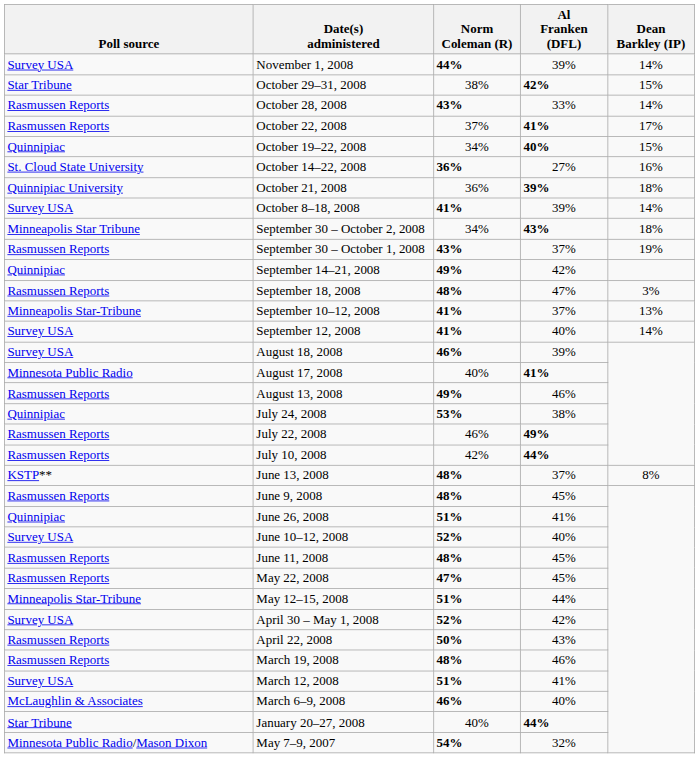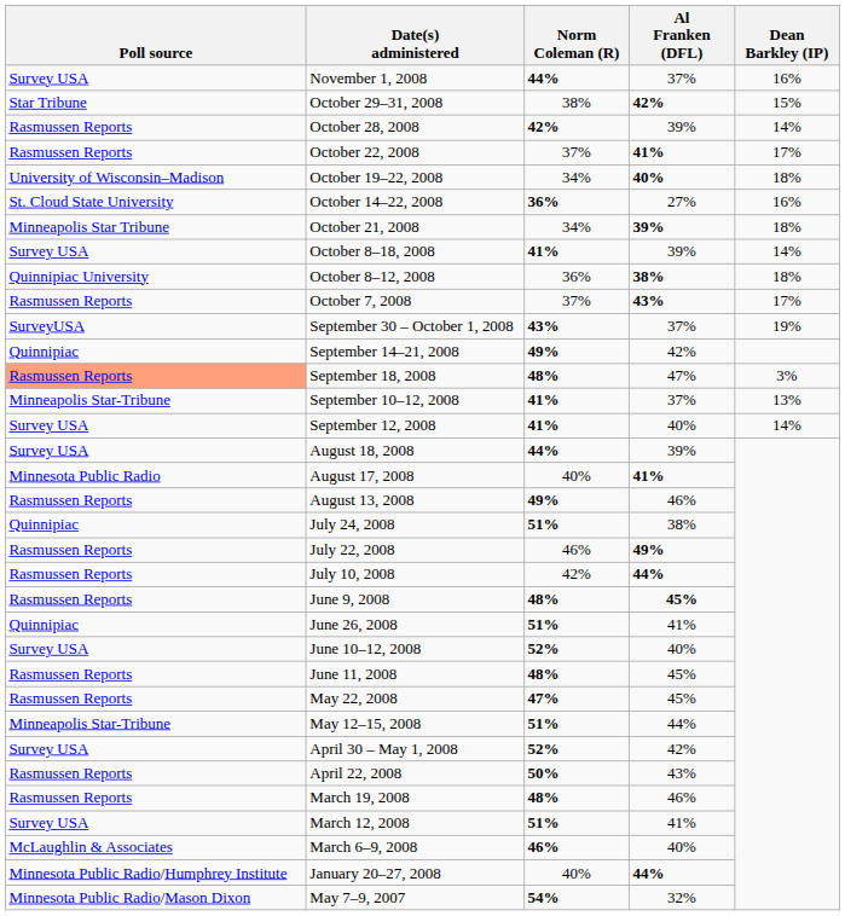 <table class="wikitable">
 <tr style="vertical-align:bottom; background:#e9e9e9;">
 <th style="width:300px;">Poll source</th>
 <th style="width:215px;">Date(s)<br>administered</th>
 <th style="width:100px;">Norm<br>Coleman (R)</th>
 <th style="width:100px;">Al<br>Franken (DFL)</th>
 <th style="width:100px;">Dean<br>Barkley (IP)</th>
 </tr>
 <tr>
 <td><a href='#'>Survey USA</a></td>
 <td>November 1, 2008</td>
 <td><strong>44%</strong></td>
-<td style="text-align:center;">39%</td>
-<td style="text-align:center;">14%</td>
+<td style="text-align:center;">37%</td>
+<td style="text-align:center;">16%</td>
 </tr>
 <tr>
 <td><a href='#'>Star Tribune</a></td>
 <td>October 29–31, 2008</td>
 <td style="text-align:center;">38%</td>
 <td><strong>42%</strong></td>
 <td style="text-align:center;">15%</td>
 </tr>
 <tr>
 <td><a href='#'>Rasmussen Reports</a></td>
 <td>October 28, 2008</td>
-<td><strong>43%</strong></td>
-<td style="text-align:center;">33%</td>
+<td><strong>42%</strong></td>
+<td style="text-align:center;">39%</td>
 <td style="text-align:center;">14%</td>
 </tr>
 <tr>
 <td><a href='#'>Rasmussen Reports</a></td>
 <td>October 22, 2008</td>
 <td style="text-align:center;">37%</td>
 <td><strong>41%</strong></td>
 <td style="text-align:center;">17%</td>
 </tr>
 <tr>
-<td><a href='#'>Quinnipiac</a></td>
+<td><a href='#'>University of Wisconsin–Madison</a></td>
 <td>October 19–22, 2008</td>
 <td style="text-align:center;">34%</td>
 <td><strong>40%</strong></td>
-<td style="text-align:center;">15%</td>
+<td style="text-align:center;">18%</td>
 </tr>
 <tr>
 <td><a href='#'>St. Cloud State University</a></td>
 <td>October 14–22, 2008</td>
 <td><strong>36%</strong></td>
 <td style="text-align:center;">27%</td>
 <td style="text-align:center;">16%</td>
 </tr>
 <tr>
-<td><a href='#'>Quinnipiac University</a></td>
+<td><a href='#'>Minneapolis Star Tribune</a></td>
 <td>October 21, 2008</td>
-<td style="text-align:center;">36%</td>
+<td style="text-align:center;">34%</td>
 <td><strong>39%</strong></td>
 <td style="text-align:center;">18%</td>
 </tr>
 <tr>
 <td><a href='#'>Survey USA</a></td>
 <td>October 8–18, 2008</td>
 <td><strong>41%</strong></td>
 <td style="text-align:center;">39%</td>
 <td style="text-align:center;">14%</td>
 </tr>
 <tr>
-<td><a href='#'>Minneapolis Star Tribune</a></td>
-<td>September 30 – October 2, 2008</td>
-<td style="text-align:center;">34%</td>
-<td><strong>43%</strong></td>
+<td><a href='#'>Quinnipiac University</a></td>
+<td>October 8–12, 2008</td>
+<td style="text-align:center;">36%</td>
+<td><strong>38%</strong></td>
 <td style="text-align:center;">18%</td>
 </tr>
 <tr>
 <td><a href='#'>Rasmussen Reports</a></td>
+<td>October 7, 2008</td>
+<td style="text-align:center;">37%</td>
+<td><strong>43%</strong></td>
+<td style="text-align:center;">17%</td>
+</tr>
+<tr>
+<td><a href='#'>SurveyUSA</a></td>
 <td>September 30 – October 1, 2008</td>
 <td><strong>43%</strong></td>
 <td style="text-align:center;">37%</td>
 <td style="text-align:center;">19%</td>
 </tr>
 <tr>
 <td><a href='#'>Quinnipiac</a></td>
 <td>September 14–21, 2008</td>
 <td><strong>49%</strong></td>
 <td style="text-align:center;">42%</td>
 </tr>
 <tr>
-<td><a href='#'>Rasmussen Reports</a></td>
+<td style="background: lightsalmon;"><a href='#'>Rasmussen Reports</a></td>
 <td>September 18, 2008</td>
 <td><strong>48%</strong></td>
 <td style="text-align:center;">47%</td>
 <td style="text-align:center;">3%</td>
 </tr>
 <tr>
 <td><a href='#'>Minneapolis Star-Tribune</a></td>
 <td>September 10–12, 2008</td>
 <td><strong>41%</strong></td>
 <td style="text-align:center;">37%</td>
 <td style="text-align:center;">13%</td>
 </tr>
 <tr>
 <td><a href='#'>Survey USA</a></td>
 <td>September 12, 2008</td>
 <td><strong>41%</strong></td>
 <td style="text-align:center;">40%</td>
 <td style="text-align:center;">14%</td>
 </tr>
 <tr>
 <td><a href='#'>Survey USA</a></td>
 <td>August 18, 2008</td>
-<td><strong>46%</strong></td>
+<td><strong>44%</strong></td>
 <td style="text-align:center;">39%</td>
 </tr>
 <tr>
 <td><a href='#'>Minnesota Public Radio</a></td>
 <td>August 17, 2008</td>
 <td style="text-align:center;">40%</td>
 <td><strong>41%</strong></td>
 </tr>
 <tr>
 <td><a href='#'>Rasmussen Reports</a></td>
 <td>August 13, 2008</td>
 <td><strong>49%</strong></td>
 <td style="text-align:center;">46%</td>
 </tr>
 <tr>
 <td><a href='#'>Quinnipiac</a></td>
 <td>July 24, 2008</td>
-<td><strong>53%</strong></td>
+<td><strong>51%</strong></td>
 <td style="text-align:center;">38%</td>
 </tr>
 <tr>
 <td><a href='#'>Rasmussen Reports</a></td>
 <td>July 22, 2008</td>
 <td style="text-align:center;">46%</td>
 <td><strong>49%</strong></td>
 </tr>
 <tr>
 <td><a href='#'>Rasmussen Reports</a></td>
 <td>July 10, 2008</td>
 <td style="text-align:center;">42%</td>
 <td><strong>44%</strong></td>
 </tr>
 <tr>
-<td><a href='#'>KSTP</a>**</td>
-<td>June 13, 2008</td>
-<td><strong>48%</strong></td>
-<td style="text-align:center;">37%</td>
-<td style="text-align:center;">8%</td>
-</tr>
-<tr>
 <td><a href='#'>Rasmussen Reports</a></td>
 <td>June 9, 2008</td>
 <td><strong>48%</strong></td>
-<td style="text-align:center;">45%</td>
+<td style="text-align:center;"><strong>45%</strong></td>
 </tr>
 <tr>
 <td><a href='#'>Quinnipiac</a></td>
 <td>June 26, 2008</td>
 <td><strong>51%</strong></td>
 <td style="text-align:center;">41%</td>
 </tr>
 <tr>
 <td><a href='#'>Survey USA</a></td>
 <td>June 10–12, 2008</td>
 <td><strong>52%</strong></td>
 <td style="text-align:center;">40%</td>
 </tr>
 <tr>
 <td><a href='#'>Rasmussen Reports</a></td>
 <td>June 11, 2008</td>
 <td><strong>48%</strong></td>
 <td style="text-align:center;">45%</td>
 </tr>
 <tr>
 <td><a href='#'>Rasmussen Reports</a></td>
 <td>May 22, 2008</td>
 <td><strong>47%</strong></td>
 <td style="text-align:center;">45%</td>
 </tr>
 <tr>
 <td><a href='#'>Minneapolis Star-Tribune</a></td>
 <td>May 12–15, 2008</td>
 <td><strong>51%</strong></td>
 <td style="text-align:center;">44%</td>
 </tr>
 <tr>
 <td><a href='#'>Survey USA</a></td>
 <td>April 30 – May 1, 2008</td>
 <td><strong>52%</strong></td>
 <td style="text-align:center;">42%</td>
 </tr>
 <tr>
 <td><a href='#'>Rasmussen Reports</a></td>
 <td>April 22, 2008</td>
 <td><strong>50%</strong></td>
 <td style="text-align:center;">43%</td>
 </tr>
 <tr>
 <td><a href='#'>Rasmussen Reports</a></td>
 <td>March 19, 2008</td>
 <td><strong>48%</strong></td>
 <td style="text-align:center;">46%</td>
 </tr>
 <tr>
 <td><a href='#'>Survey USA</a></td>
 <td>March 12, 2008</td>
 <td><strong>51%</strong></td>
 <td style="text-align:center;">41%</td>
 </tr>
 <tr>
 <td><a href='#'>McLaughlin & Associates</a></td>
 <td>March 6–9, 2008</td>
 <td><strong>46%</strong></td>
 <td style="text-align:center;">40%</td>
 </tr>
 <tr>
-<td><a href='#'>Star Tribune</a></td>
+<td><a href='#'>Minnesota Public Radio</a>/<a href='#'>Humphrey Institute</a></td>
 <td>January 20–27, 2008</td>
 <td style="text-align:center;">40%</td>
 <td><strong>44%</strong></td>
 </tr>
 <tr>
 <td><a href='#'>Minnesota Public Radio</a>/<a href='#'>Mason Dixon</a></td>
 <td>May 7–9, 2007</td>
 <td><strong>54%</strong></td>
 <td style="text-align:center;">32%</td>
 </tr>
 </table>
